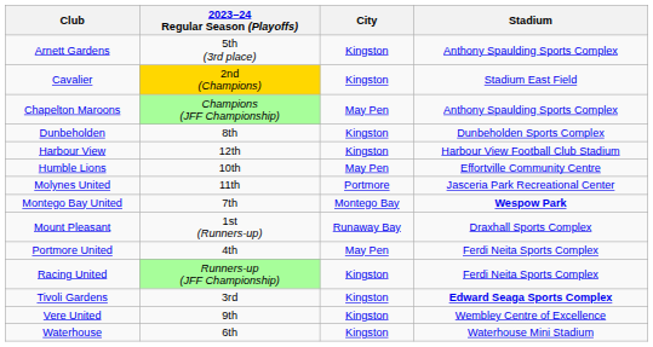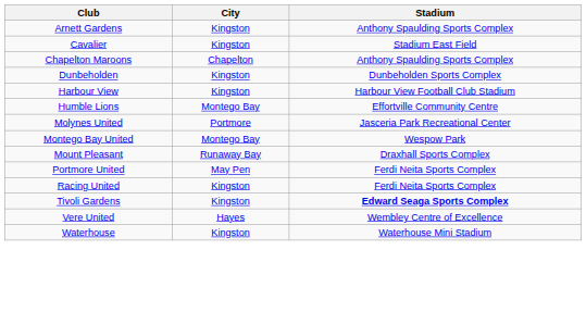 <table class="wikitable sortable" style="font-size:95%; text-align: center; width:70%;">
 <tr>
 <th><strong>Club</strong></th>
-<th><a href='#'>2023–24</a><br>Regular Season <em>(Playoffs)</em></th>
 <th><strong>City</strong></th>
 <th><strong>Stadium</strong></th>
 </tr>
 <tr>
 <td><a href='#'>Arnett Gardens</a></td>
-<td style="text-align:center">5th<br><em>(3rd place)</em></td>
 <td><a href='#'>Kingston</a></td>
 <td><a href='#'>Anthony Spaulding Sports Complex</a></td>
 </tr>
 <tr>
 <td><a href='#'>Cavalier</a></td>
-<td style="text-align:center;background-color: gold">2nd<br><em>(Champions)</em></td>
 <td><a href='#'>Kingston</a></td>
 <td><a href='#'>Stadium East Field</a></td>
 </tr>
 <tr>
 <td><a href='#'>Chapelton Maroons</a></td>
-<td style="text-align:center;background-color: #A7FE9A"><em>Champions</em><br><em>(JFF Championship)</em></td>
-<td><a href='#'>May Pen</a></td>
+<td><a href='#'>Chapelton</a></td>
 <td><a href='#'>Anthony Spaulding Sports Complex</a></td>
 </tr>
 <tr>
 <td><a href='#'>Dunbeholden</a></td>
-<td style="text-align:center">8th</td>
 <td><a href='#'>Kingston</a></td>
 <td><a href='#'>Dunbeholden Sports Complex</a></td>
 </tr>
 <tr>
 <td><a href='#'>Harbour View</a></td>
-<td style="text-align:center">12th</td>
 <td><a href='#'>Kingston</a></td>
 <td><a href='#'>Harbour View Football Club Stadium</a></td>
 </tr>
 <tr>
 <td><a href='#'>Humble Lions</a></td>
-<td style="text-align:center">10th</td>
-<td><a href='#'>May Pen</a></td>
+<td><a href='#'>Montego Bay</a></td>
 <td><a href='#'>Effortville Community Centre</a></td>
 </tr>
 <tr>
 <td><a href='#'>Molynes United</a></td>
-<td style="text-align:center">11th</td>
 <td><a href='#'>Portmore</a></td>
 <td><a href='#'>Jasceria Park Recreational Center</a></td>
 </tr>
 <tr>
 <td><a href='#'>Montego Bay United</a></td>
-<td style="text-align:center">7th</td>
 <td><a href='#'>Montego Bay</a></td>
-<td><strong><a href='#'>Wespow Park</a></strong></td>
+<td><a href='#'>Wespow Park</a></td>
 </tr>
 <tr>
 <td><a href='#'>Mount Pleasant</a></td>
-<td style="text-align:center">1st<br><em>(Runners-up)</em></td>
 <td><a href='#'>Runaway Bay</a></td>
 <td><a href='#'>Draxhall Sports Complex</a></td>
 </tr>
 <tr>
 <td><a href='#'>Portmore United</a></td>
-<td style="text-align:center">4th</td>
 <td><a href='#'>May Pen</a></td>
 <td><a href='#'>Ferdi Neita Sports Complex</a></td>
 </tr>
 <tr>
 <td><a href='#'>Racing United</a></td>
-<td style="text-align:center;background-color: #A7FE9A"><em>Runners-up</em><br><em>(JFF Championship)</em></td>
 <td><a href='#'>Kingston</a></td>
 <td><a href='#'>Ferdi Neita Sports Complex</a></td>
 </tr>
 <tr>
 <td><a href='#'>Tivoli Gardens</a></td>
-<td style="text-align:center">3rd</td>
 <td><a href='#'>Kingston</a></td>
 <td><strong><a href='#'>Edward Seaga Sports Complex</a></strong></td>
 </tr>
 <tr>
 <td><a href='#'>Vere United</a></td>
-<td style="text-align:center">9th</td>
-<td><a href='#'>Kingston</a></td>
+<td><a href='#'>Hayes</a></td>
 <td><a href='#'>Wembley Centre of Excellence</a></td>
 </tr>
 <tr>
 <td><a href='#'>Waterhouse</a></td>
-<td style="text-align:center">6th</td>
 <td><a href='#'>Kingston</a></td>
 <td><a href='#'>Waterhouse Mini Stadium</a></td>
 </tr>
 </table>
